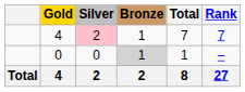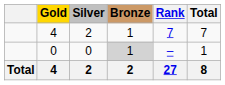 <table class="wikitable sortable plainrowheaders" border="1" style="text-align:center;">
 <tr>
 <th scope="col" style="width:"></th>
 <th scope="col" style="background-color:gold; font-weight:bold;">Gold</th>
 <th scope="col" style="background-color:silver; font-weight:bold;">Silver</th>
 <th scope="col" style="background-color:#cc9966; font-weight:bold;">Bronze</th>
+<th scope="col"><a href='#'>Rank</a></th>
 <th scope="col">Total</th>
-<th scope="col"><a href='#'>Rank</a></th>
 </tr>
 <tr>
 <td align=left></td>
 <td>4</td>
-<td style="background: pink;">2</td>
+<td>2</td>
 <td>1</td>
+<td><a href='#'>7</a></td>
 <td>7</td>
-<td><a href='#'>7</a></td>
 </tr>
 <tr>
 <td align=left></td>
 <td>0</td>
 <td>0</td>
 <td style="background: lightgrey;">1</td>
+<td><a href='#'>–</a></td>
 <td>1</td>
-<td><a href='#'>–</a></td>
 </tr>
 <tr>
 <th>Total</th>
 <th>4</th>
 <th>2</th>
 <th>2</th>
+<th><a href='#'>27</a></th>
 <th>8</th>
-<th><a href='#'>27</a></th>
 </tr>
 </table>
